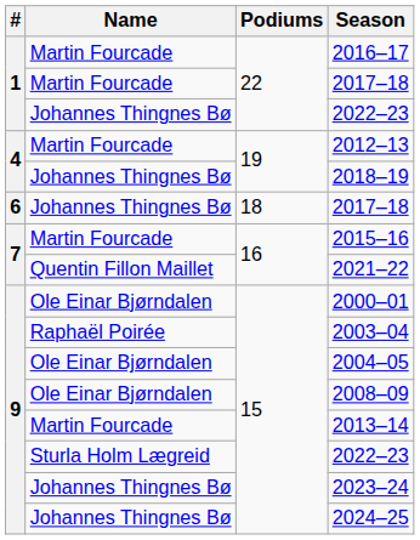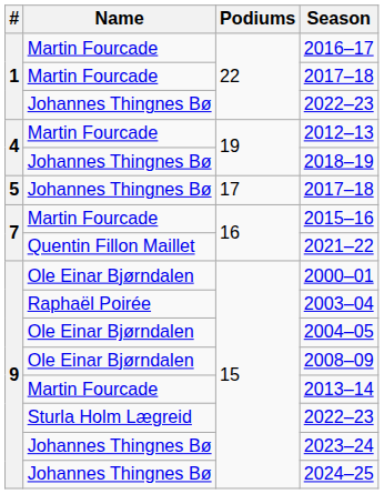 <table class="wikitable plainrowheaders" style="display:inline-table;">
 <tr>
 <th>#</th>
 <th>Name</th>
 <th>Podiums</th>
 <th>Season</th>
 </tr>
 <tr>
 <th rowspan=3>1</th>
 <td style="text-align:left"> <a href='#'>Martin Fourcade</a></td>
 <td rowspan=3>22</td>
 <td><a href='#'>2016–17</a></td>
 </tr>
 <tr>
 <td style="text-align:left"> <a href='#'>Martin Fourcade</a></td>
 <td><a href='#'>2017–18</a></td>
 </tr>
 <tr>
 <td style="text-align:left"> <a href='#'>Johannes Thingnes Bø</a></td>
 <td><a href='#'>2022–23</a></td>
 </tr>
 <tr>
 <th rowspan=2>4</th>
 <td style="text-align:left"> <a href='#'>Martin Fourcade</a></td>
 <td rowspan=2>19</td>
 <td><a href='#'>2012–13</a></td>
 </tr>
 <tr>
 <td style="text-align:left"> <a href='#'>Johannes Thingnes Bø</a></td>
 <td><a href='#'>2018–19</a></td>
 </tr>
 <tr>
-<th>6</th>
+<th>5</th>
 <td style="text-align:left"> <a href='#'>Johannes Thingnes Bø</a></td>
-<td>18</td>
+<td>17</td>
 <td><a href='#'>2017–18</a></td>
 </tr>
 <tr>
 <th rowspan=2>7</th>
 <td style="text-align:left"> <a href='#'>Martin Fourcade</a></td>
 <td rowspan=2>16</td>
 <td><a href='#'>2015–16</a></td>
 </tr>
 <tr>
 <td style="text-align:left"> <a href='#'>Quentin Fillon Maillet</a></td>
 <td><a href='#'>2021–22</a></td>
 </tr>
 <tr>
 <th rowspan=8>9</th>
 <td style="text-align:left"> <a href='#'>Ole Einar Bjørndalen</a></td>
 <td rowspan=8>15</td>
 <td><a href='#'>2000–01</a></td>
 </tr>
 <tr>
 <td style="text-align:left"> <a href='#'>Raphaël Poirée</a></td>
 <td><a href='#'>2003–04</a></td>
 </tr>
 <tr>
 <td style="text-align:left"> <a href='#'>Ole Einar Bjørndalen</a></td>
 <td><a href='#'>2004–05</a></td>
 </tr>
 <tr>
 <td style="text-align:left"> <a href='#'>Ole Einar Bjørndalen</a></td>
 <td><a href='#'>2008–09</a></td>
 </tr>
 <tr>
 <td style="text-align:left"> <a href='#'>Martin Fourcade</a></td>
 <td><a href='#'>2013–14</a></td>
 </tr>
 <tr>
 <td style="text-align:left"> <a href='#'>Sturla Holm Lægreid</a></td>
 <td><a href='#'>2022–23</a></td>
 </tr>
 <tr>
 <td style="text-align:left"> <a href='#'>Johannes Thingnes Bø</a></td>
 <td><a href='#'>2023–24</a></td>
 </tr>
 <tr>
 <td style="text-align:left"> <a href='#'>Johannes Thingnes Bø</a></td>
 <td><a href='#'>2024–25</a></td>
 </tr>
 </table>
